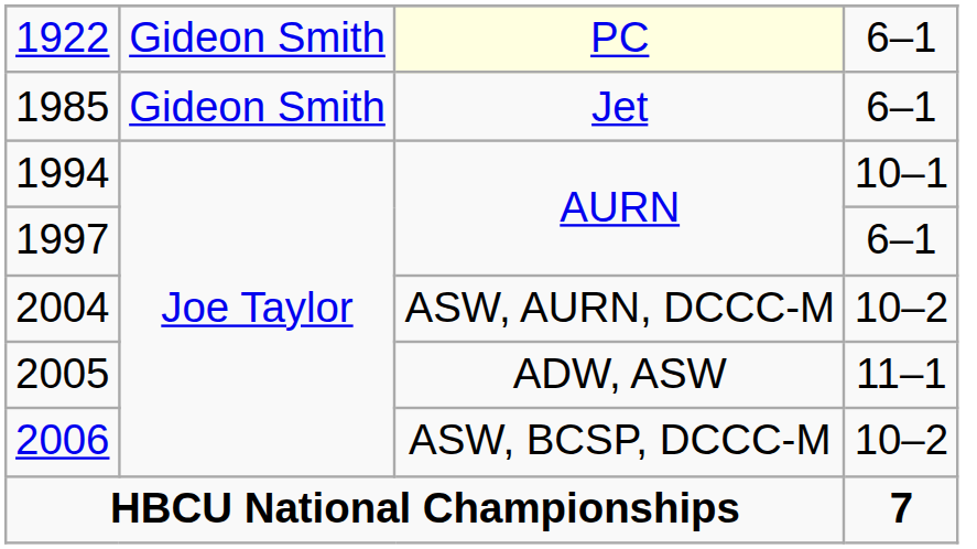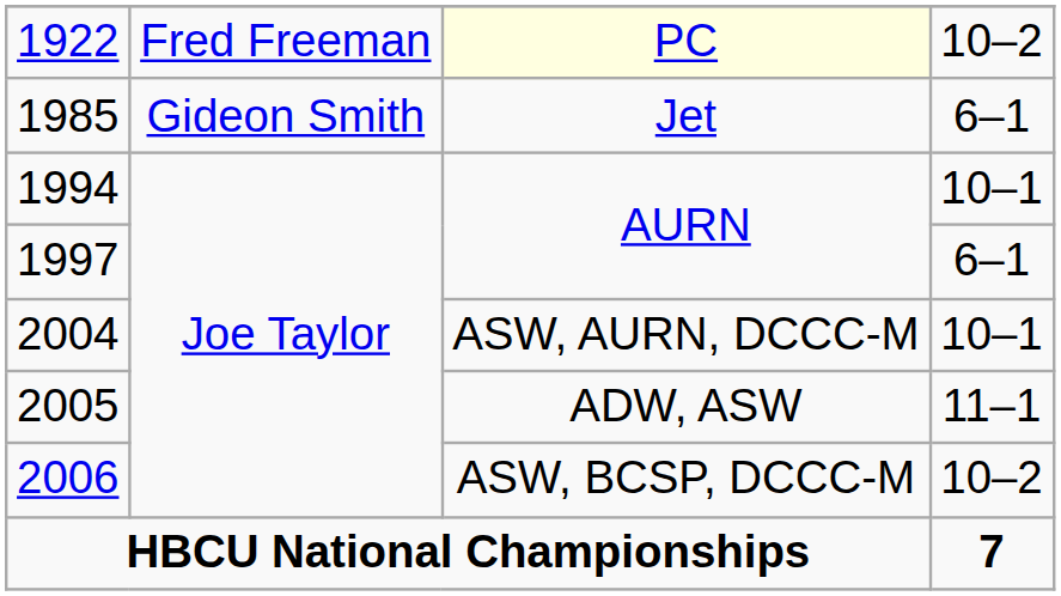 <table class="wikitable" style="text-align:center;">
 <tr>
 </tr>
 <tr style="text-align:center;">
 <td><a href='#'>1922</a></td>
-<td><a href='#'>Gideon Smith</a></td>
+<td><a href='#'>Fred Freeman</a></td>
 <td style="background: lightyellow;"><a href='#'>PC</a></td>
-<td>6–1</td>
+<td>10–2</td>
 </tr>
 <tr align="center">
 <td>1985</td>
 <td><a href='#'>Gideon Smith</a></td>
 <td><a href='#'>Jet</a></td>
 <td>6–1</td>
 </tr>
 <tr align="center">
 <td>1994</td>
 <td rowspan="5"><a href='#'>Joe Taylor</a></td>
 <td rowspan="2"><a href='#'>AURN</a></td>
 <td>10–1</td>
 </tr>
 <tr align="center">
 <td>1997</td>
 <td>6–1</td>
 </tr>
 <tr align="center">
 <td>2004</td>
 <td>ASW, AURN, DCCC-M</td>
-<td>10–2</td>
+<td>10–1</td>
 </tr>
 <tr align="center">
 <td>2005</td>
 <td>ADW, ASW</td>
 <td>11–1</td>
 </tr>
 <tr align="center">
 <td><a href='#'>2006</a></td>
 <td>ASW, BCSP, DCCC-M</td>
 <td>10–2</td>
 </tr>
 <tr align="center">
 <td colspan=3><strong>HBCU National Championships</strong></td>
 <td colspan=3><strong>7</strong></td>
 </tr>
 </table>
